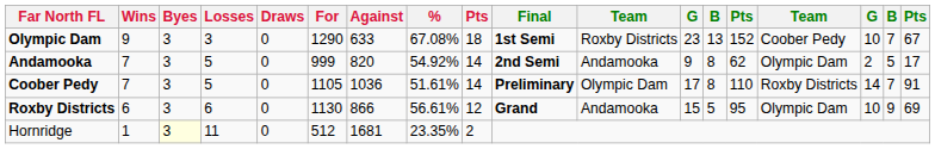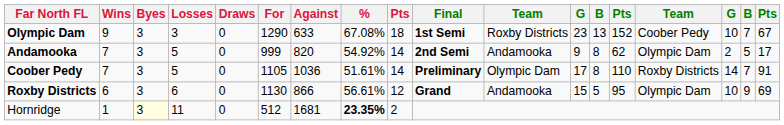 <table class="wikitable">
 <tr>
 <th style="color:crimson">Far North FL</th>
 <th style="color:crimson">Wins</th>
 <th style="color:crimson">Byes</th>
 <th style="color:crimson">Losses</th>
 <th style="color:crimson">Draws</th>
 <th style="color:crimson">For</th>
 <th style="color:crimson">Against</th>
 <th style="color:crimson">%</th>
 <th style="color:crimson">Pts</th>
 <th style="color:green">Final</th>
 <th style="color:green">Team</th>
 <th style="color:green">G</th>
 <th style="color:green">B</th>
 <th style="color:green">Pts</th>
 <th style="color:green">Team</th>
 <th style="color:green">G</th>
 <th style="color:green">B</th>
 <th style="color:green">Pts</th>
 </tr>
 <tr>
 <td><strong>	Olympic Dam	</strong></td>
 <td>9</td>
 <td>3</td>
 <td>3</td>
 <td>0</td>
 <td>1290</td>
 <td>633</td>
 <td>67.08%</td>
 <td>18</td>
 <td><strong>1st Semi</strong></td>
 <td>Roxby Districts</td>
 <td>23</td>
 <td>13</td>
 <td>152</td>
 <td>Coober Pedy</td>
 <td>10</td>
 <td>7</td>
 <td>67</td>
 </tr>
 <tr>
 <td><strong>	Andamooka	</strong></td>
 <td>7</td>
 <td>3</td>
 <td>5</td>
 <td>0</td>
 <td>999</td>
 <td>820</td>
 <td>54.92%</td>
 <td>14</td>
 <td><strong>2nd Semi</strong></td>
 <td>Andamooka</td>
 <td>9</td>
 <td>8</td>
 <td>62</td>
 <td>Olympic Dam</td>
 <td>2</td>
 <td>5</td>
 <td>17</td>
 </tr>
 <tr>
 <td><strong>	Coober Pedy	</strong></td>
 <td>7</td>
 <td>3</td>
 <td>5</td>
 <td>0</td>
 <td>1105</td>
 <td>1036</td>
 <td>51.61%</td>
 <td>14</td>
 <td><strong>Preliminary</strong></td>
 <td>Olympic Dam</td>
 <td>17</td>
 <td>8</td>
 <td>110</td>
 <td>Roxby Districts</td>
 <td>14</td>
 <td>7</td>
 <td>91</td>
 </tr>
 <tr>
 <td><strong>	Roxby Districts	</strong></td>
 <td>6</td>
 <td>3</td>
 <td>6</td>
 <td>0</td>
 <td>1130</td>
 <td>866</td>
 <td>56.61%</td>
 <td>12</td>
 <td><strong>Grand</strong></td>
 <td>Andamooka</td>
 <td>15</td>
 <td>5</td>
 <td>95</td>
 <td>Olympic Dam</td>
 <td>10</td>
 <td>9</td>
 <td>69</td>
 </tr>
 <tr>
 <td>Hornridge</td>
 <td>1</td>
 <td style="background: lightyellow;">3</td>
 <td>11</td>
 <td>0</td>
 <td>512</td>
 <td>1681</td>
-<td>23.35%</td>
+<td><strong>23.35%</strong></td>
 <td>2</td>
 </tr>
 </table>
